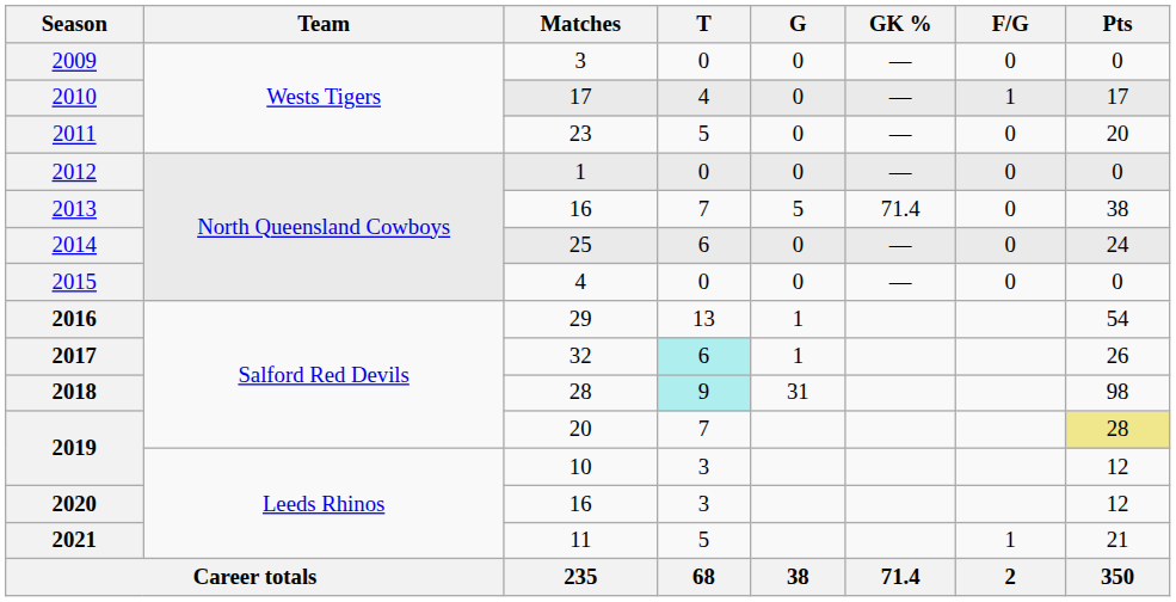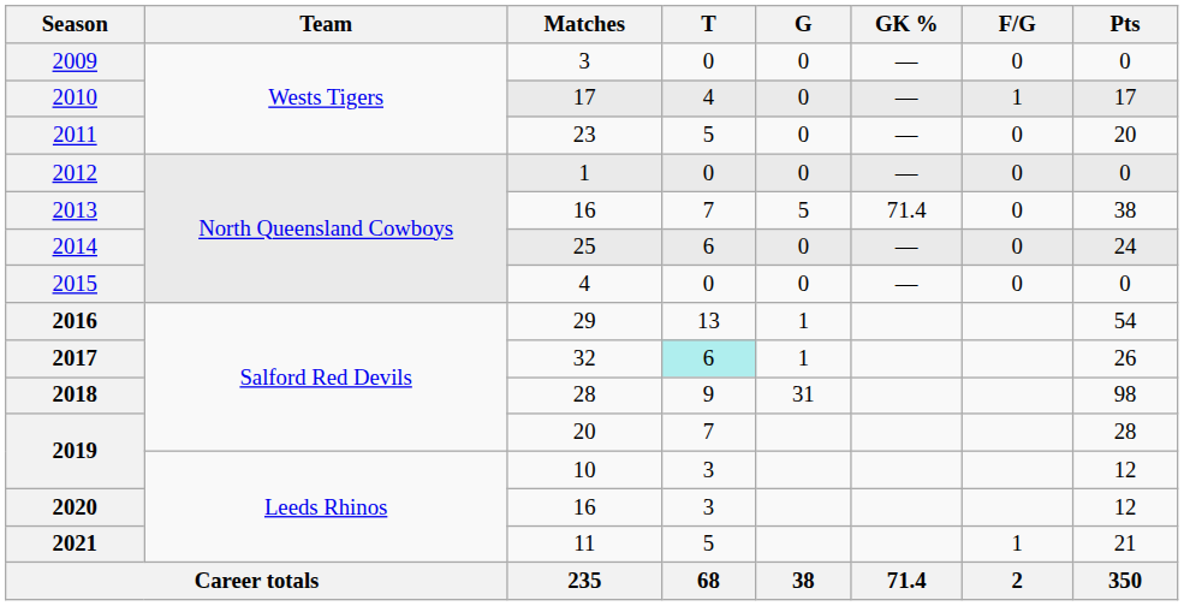 <table class="wikitable sortable"  style="font-size:90%; text-align:center; width:85%;">
 <tr>
 <th width=2%>Season</th>
 <th width=8%>Team</th>
 <th width=2%>Matches</th>
 <th width=2%>T</th>
 <th width=2%>G</th>
 <th width=2%>GK %</th>
 <th width=2%>F/G</th>
 <th width=2%>Pts</th>
 </tr>
 <tr>
 <th scope="row" style="text-align:center; font-weight:normal"><a href='#'>2009</a></th>
 <td rowspan="3" style="text-align:center;"> <a href='#'>Wests Tigers</a></td>
 <td>3</td>
 <td>0</td>
 <td>0</td>
 <td>—</td>
 <td>0</td>
 <td>0</td>
 </tr>
 <tr style="background-color: #EAEAEA">
 <th scope="row" style="text-align:center; font-weight:normal"><a href='#'>2010</a></th>
 <td>17</td>
 <td>4</td>
 <td>0</td>
 <td>—</td>
 <td>1</td>
 <td>17</td>
 </tr>
 <tr>
 <th scope="row" style="text-align:center; font-weight:normal"><a href='#'>2011</a></th>
 <td>23</td>
 <td>5</td>
 <td>0</td>
 <td>—</td>
 <td>0</td>
 <td>20</td>
 </tr>
 <tr style="background-color: #EAEAEA">
 <th scope="row" style="text-align:center; font-weight:normal"><a href='#'>2012</a></th>
 <td rowspan="4" style="text-align:center;"> <a href='#'>North Queensland Cowboys</a></td>
 <td>1</td>
 <td>0</td>
 <td>0</td>
 <td>—</td>
 <td>0</td>
 <td>0</td>
 </tr>
 <tr>
 <th scope="row" style="text-align:center; font-weight:normal"><a href='#'>2013</a></th>
 <td>16</td>
 <td>7</td>
 <td>5</td>
 <td>71.4</td>
 <td>0</td>
 <td>38</td>
 </tr>
 <tr style="background-color: #EAEAEA">
 <th scope="row" style="text-align:center; font-weight:normal"><a href='#'>2014</a></th>
 <td>25</td>
 <td>6</td>
 <td>0</td>
 <td>—</td>
 <td>0</td>
 <td>24</td>
 </tr>
 <tr>
 <th scope="row" style="text-align:center; font-weight:normal"><a href='#'>2015</a></th>
 <td>4</td>
 <td>0</td>
 <td>0</td>
 <td>—</td>
 <td>0</td>
 <td>0</td>
 </tr>
 <tr>
 <th>2016</th>
 <td rowspan="4"> <a href='#'>Salford Red Devils</a></td>
 <td>29</td>
 <td>13</td>
 <td>1</td>
 <td></td>
 <td></td>
 <td>54</td>
 </tr>
 <tr>
 <th>2017</th>
 <td>32</td>
 <td style="background: paleturquoise;">6</td>
 <td>1</td>
 <td></td>
 <td></td>
 <td>26</td>
 </tr>
 <tr>
 <th>2018</th>
 <td>28</td>
-<td style="background: paleturquoise;">9</td>
+<td>9</td>
 <td>31</td>
 <td></td>
 <td></td>
 <td>98</td>
 </tr>
 <tr>
 <th rowspan="2">2019</th>
 <td>20</td>
 <td>7</td>
 <td></td>
 <td></td>
 <td></td>
-<td style="background: khaki;">28</td>
+<td>28</td>
 </tr>
 <tr>
 <td rowspan="3"> <a href='#'>Leeds Rhinos</a></td>
 <td>10</td>
 <td>3</td>
 <td></td>
 <td></td>
 <td></td>
 <td>12</td>
 </tr>
 <tr>
 <th>2020</th>
 <td>16</td>
 <td>3</td>
 <td></td>
 <td></td>
 <td></td>
 <td>12</td>
 </tr>
 <tr>
 <th>2021</th>
 <td>11</td>
 <td>5</td>
 <td></td>
 <td></td>
 <td>1</td>
 <td>21</td>
 </tr>
 <tr class="sortbottom">
 <th colspan="2">Career totals</th>
 <th>235</th>
 <th>68</th>
 <th>38</th>
 <th>71.4</th>
 <th>2</th>
 <th>350</th>
 </tr>
 </table>
